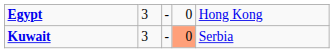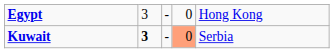 <table class="wikitable">
 <tr>
 <td width=150> <strong><a href='#'>Egypt</a></strong></td>
 <td style="width:20px; text-align:left;">3</td>
 <td>-</td>
 <td style="width:20px; text-align:right;">0</td>
 <td width=150> <a href='#'>Hong Kong</a></td>
 </tr>
 <tr>
 <td> <strong><a href='#'>Kuwait</a></strong></td>
-<td style="text-align:left;">3</td>
+<td style="text-align:left;"><strong>3</strong></td>
 <td>-</td>
 <td style="background: lightsalmon; text-align:right;">0</td>
 <td> <a href='#'>Serbia</a></td>
 </tr>
 </table>
